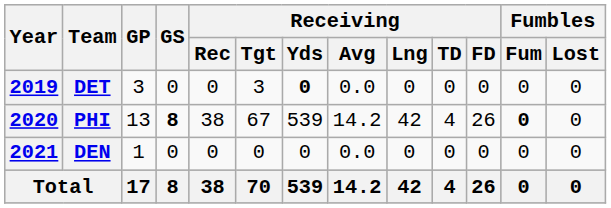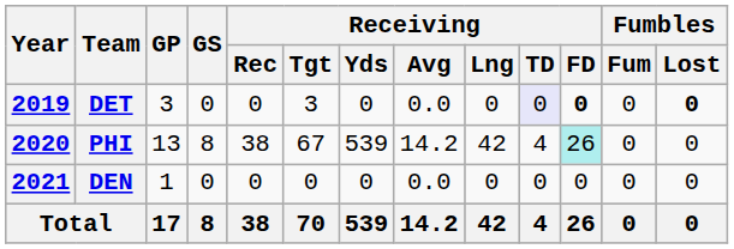 <table class="wikitable" style="text-align:center">
 <tr>
 <th rowspan="2">Year</th>
 <th rowspan="2">Team</th>
 <th rowspan="2">GP</th>
 <th rowspan="2">GS</th>
 <th colspan="7">Receiving</th>
 <th colspan="2">Fumbles</th>
 </tr>
 <tr>
 <th>Rec</th>
 <th>Tgt</th>
 <th>Yds</th>
 <th>Avg</th>
 <th>Lng</th>
 <th>TD</th>
 <th>FD</th>
 <th>Fum</th>
 <th>Lost</th>
 </tr>
 <tr>
 <th><a href='#'>2019</a></th>
 <th><a href='#'>DET</a></th>
 <td>3</td>
 <td>0</td>
 <td>0</td>
 <td>3</td>
-<td><strong>0</strong></td>
+<td>0</td>
 <td>0.0</td>
 <td>0</td>
+<td style="background: lavender;">0</td>
+<td><strong>0</strong></td>
 <td>0</td>
-<td>0</td>
-<td>0</td>
-<td>0</td>
+<td><strong>0</strong></td>
 </tr>
 <tr>
 <th><a href='#'>2020</a></th>
 <th><a href='#'>PHI</a></th>
 <td>13</td>
-<td><strong>8</strong></td>
+<td>8</td>
 <td>38</td>
 <td>67</td>
 <td>539</td>
 <td>14.2</td>
 <td>42</td>
 <td>4</td>
-<td>26</td>
-<td><strong>0</strong></td>
+<td style="background: paleturquoise;">26</td>
+<td>0</td>
 <td>0</td>
 </tr>
 <tr>
 <th><a href='#'>2021</a></th>
 <th><a href='#'>DEN</a></th>
 <td>1</td>
 <td>0</td>
 <td>0</td>
 <td>0</td>
 <td>0</td>
 <td>0.0</td>
 <td>0</td>
 <td>0</td>
 <td>0</td>
 <td>0</td>
 <td>0</td>
 </tr>
 <tr>
 <th colspan="2">Total</th>
 <th>17</th>
 <th>8</th>
 <th>38</th>
 <th>70</th>
 <th>539</th>
 <th>14.2</th>
 <th>42</th>
 <th>4</th>
 <th>26</th>
 <th>0</th>
 <th>0</th>
 </tr>
 </table>
